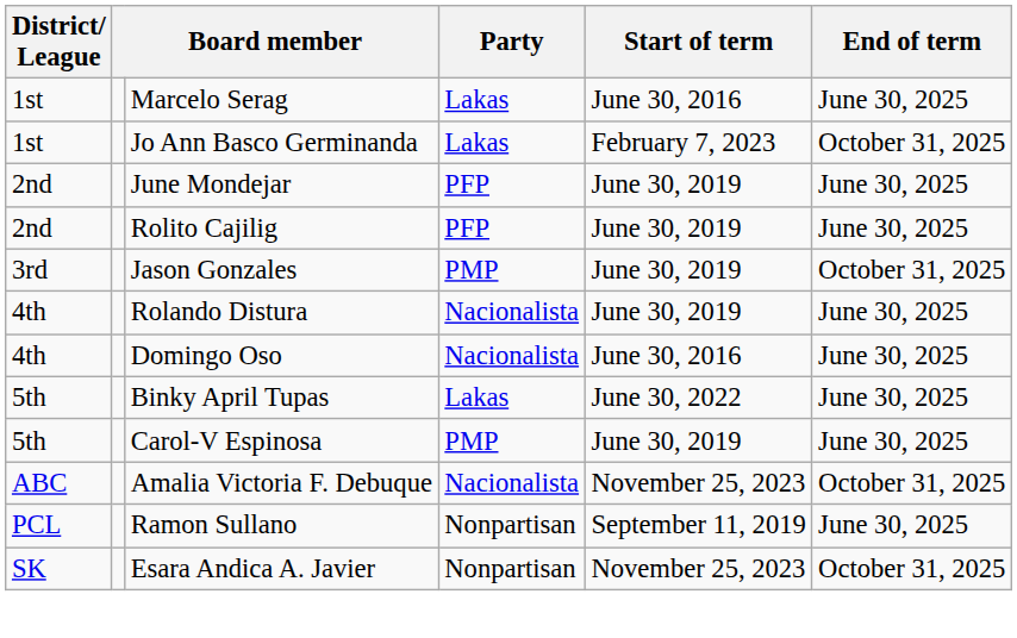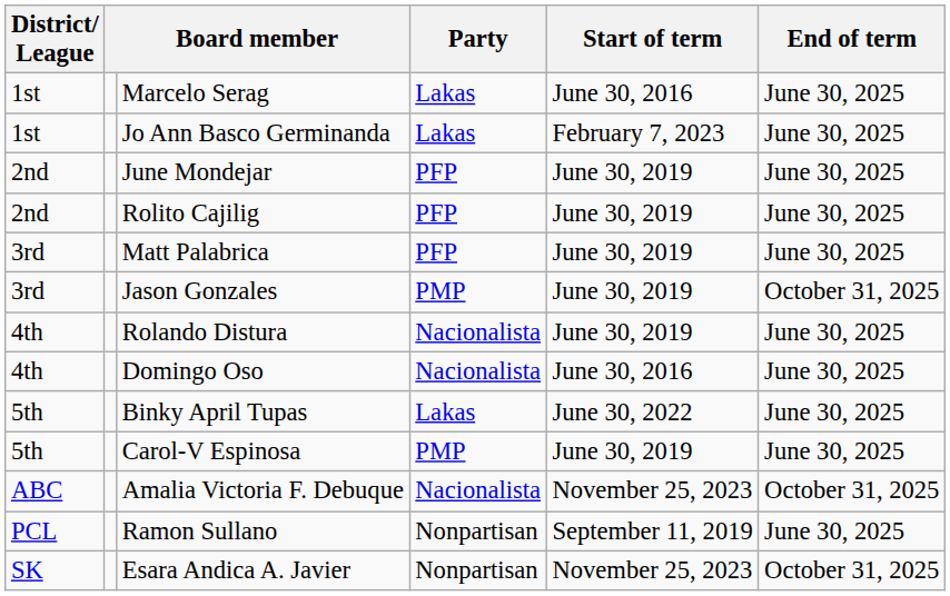 <table class="wikitable">
 <tr>
 <th>District/<br>League</th>
 <th colspan="2">Board member</th>
 <th>Party</th>
 <th>Start of term</th>
 <th>End of term</th>
 </tr>
 <tr>
 <td>1st</td>
 <td></td>
 <td>Marcelo Serag</td>
 <td><a href='#'>Lakas</a></td>
 <td>June 30, 2016</td>
 <td>June 30, 2025</td>
 </tr>
 <tr>
 <td>1st</td>
 <td></td>
 <td>Jo Ann Basco Germinanda</td>
 <td><a href='#'>Lakas</a></td>
 <td>February 7, 2023</td>
-<td>October 31, 2025</td>
+<td>June 30, 2025</td>
 </tr>
 <tr>
 <td>2nd</td>
 <td></td>
 <td>June Mondejar</td>
 <td><a href='#'>PFP</a></td>
 <td>June 30, 2019</td>
 <td>June 30, 2025</td>
 </tr>
 <tr>
 <td>2nd</td>
 <td></td>
 <td>Rolito Cajilig</td>
+<td><a href='#'>PFP</a></td>
+<td>June 30, 2019</td>
+<td>June 30, 2025</td>
+</tr>
+<tr>
+<td>3rd</td>
+<td></td>
+<td>Matt Palabrica</td>
 <td><a href='#'>PFP</a></td>
 <td>June 30, 2019</td>
 <td>June 30, 2025</td>
 </tr>
 <tr>
 <td>3rd</td>
 <td></td>
 <td>Jason Gonzales</td>
 <td><a href='#'>PMP</a></td>
 <td>June 30, 2019</td>
 <td>October 31, 2025</td>
 </tr>
 <tr>
 <td>4th</td>
 <td></td>
 <td>Rolando Distura</td>
 <td><a href='#'>Nacionalista</a></td>
 <td>June 30, 2019</td>
 <td>June 30, 2025</td>
 </tr>
 <tr>
 <td>4th</td>
 <td></td>
 <td>Domingo Oso</td>
 <td><a href='#'>Nacionalista</a></td>
 <td>June 30, 2016</td>
 <td>June 30, 2025</td>
 </tr>
 <tr>
 <td>5th</td>
 <td></td>
 <td>Binky April Tupas</td>
 <td><a href='#'>Lakas</a></td>
 <td>June 30, 2022</td>
 <td>June 30, 2025</td>
 </tr>
 <tr>
 <td>5th</td>
 <td></td>
 <td>Carol-V Espinosa</td>
 <td><a href='#'>PMP</a></td>
 <td>June 30, 2019</td>
 <td>June 30, 2025</td>
 </tr>
 <tr>
 <td><a href='#'>ABC</a></td>
 <td></td>
 <td>Amalia Victoria F. Debuque</td>
 <td><a href='#'>Nacionalista</a></td>
 <td>November 25, 2023</td>
 <td>October 31, 2025</td>
 </tr>
 <tr>
 <td><a href='#'>PCL</a></td>
 <td></td>
 <td>Ramon Sullano</td>
 <td>Nonpartisan</td>
 <td>September 11, 2019</td>
 <td>June 30, 2025</td>
 </tr>
 <tr>
 <td><a href='#'>SK</a></td>
 <td></td>
 <td>Esara Andica A. Javier</td>
 <td>Nonpartisan</td>
 <td>November 25, 2023</td>
 <td>October 31, 2025</td>
 </tr>
 </table>
